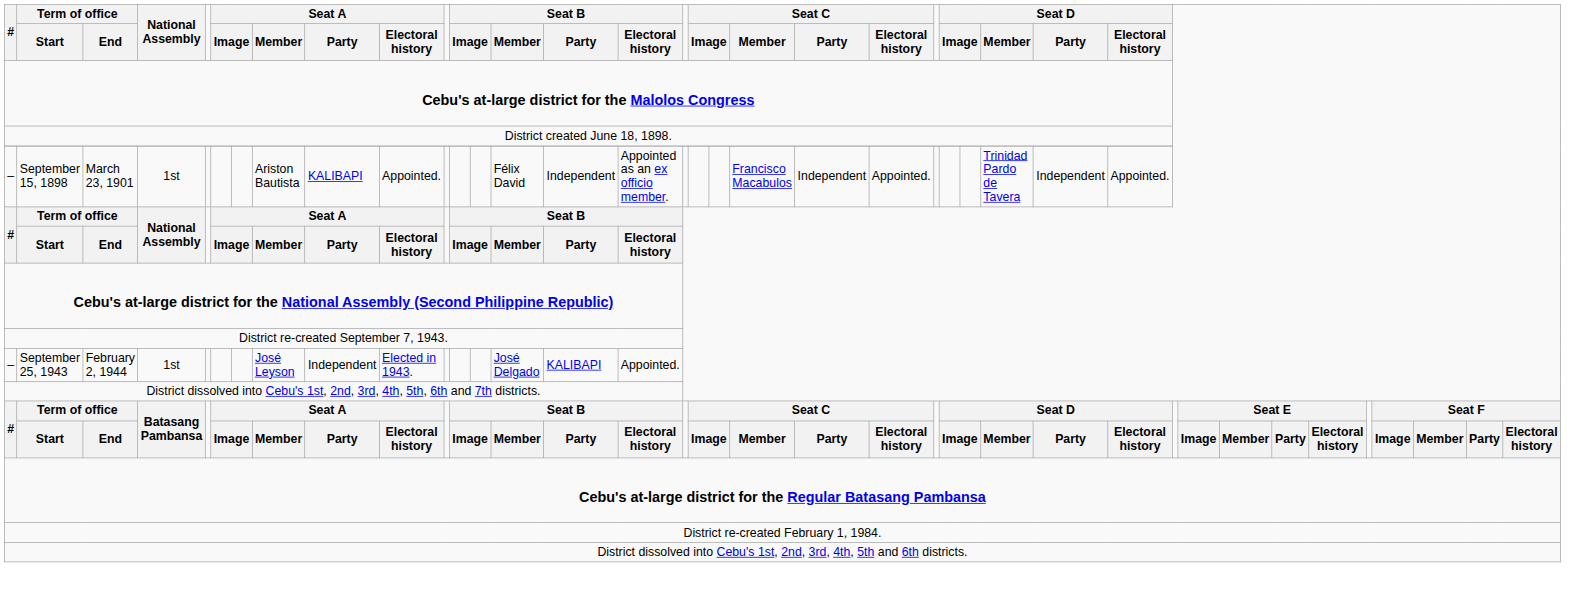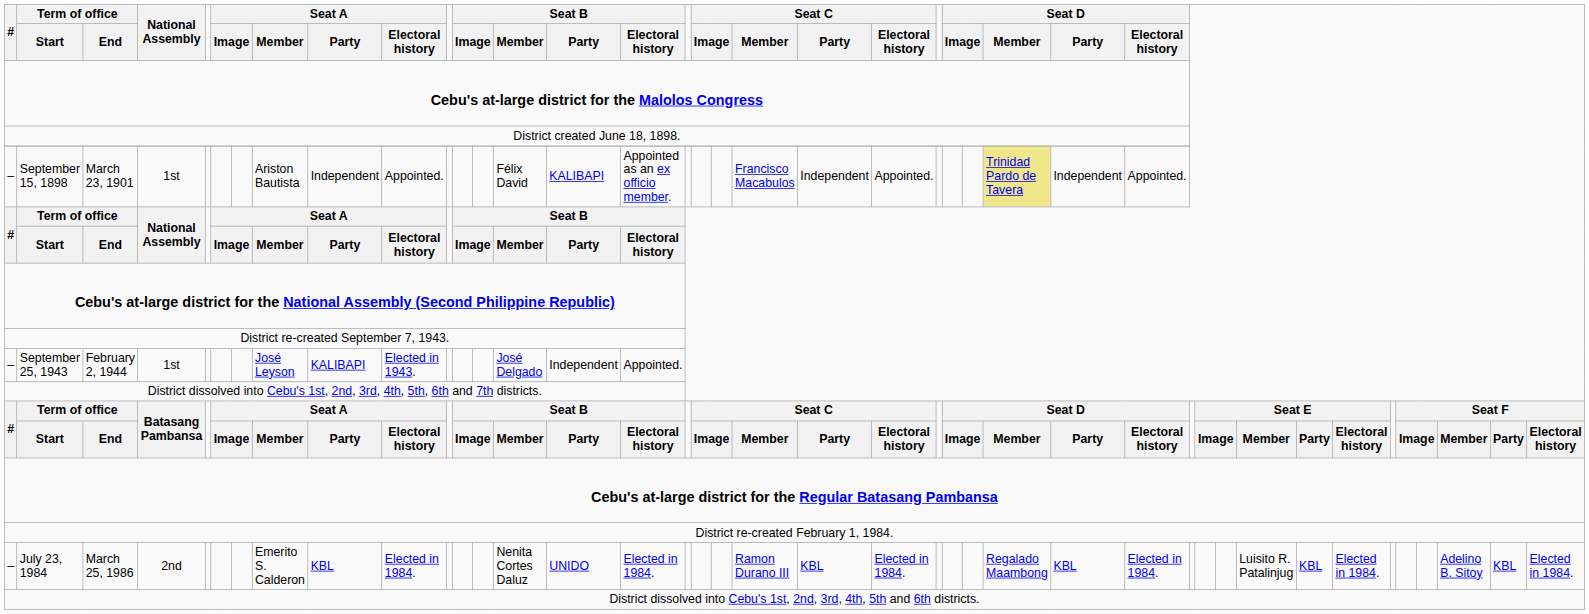 <table class=wikitable>
 <tr>
 <th rowspan=2>#</th>
 <th colspan=2>Term of office</th>
 <th rowspan=2>National<br>Assembly</th>
 <td rowspan=2></td>
 <th colspan=5>Seat A</th>
 <td rowspan=2></td>
 <th colspan=5>Seat B</th>
 <td rowspan=2></td>
 <th colspan=5>Seat C</th>
 <td rowspan=2></td>
 <th colspan=5>Seat D</th>
 </tr>
 <tr style="height:3em">
 <th>Start</th>
 <th>End</th>
 <th colspan="2" style="text-align:center;">Image</th>
 <th>Member</th>
 <th>Party</th>
 <th>Electoral history</th>
 <th colspan="2" style="text-align:center;">Image</th>
 <th>Member</th>
 <th>Party</th>
 <th>Electoral history</th>
 <th colspan="2" style="text-align:center;">Image</th>
 <th>Member</th>
 <th>Party</th>
 <th>Electoral history</th>
 <th colspan="2" style="text-align:center;">Image</th>
 <th>Member</th>
 <th>Party</th>
 <th>Electoral history</th>
 </tr>
 <tr>
 <td colspan="28" style="text-align:center;"><br><h3>Cebu's at-large district for the <a href='#'>Malolos Congress</a></h3></td>
 </tr>
 <tr>
 <td colspan="28" style="text-align:center;">District created June 18, 1898.</td>
 </tr>
 <tr>
 </tr>
 <tr style="height:3em">
 <td style="text-align:center;">–</td>
 <td>September 15, 1898</td>
 <td>March 23, 1901</td>
 <td style="text-align:center;">1st</td>
 <td></td>
 <td style="color:inherit;background:"></td>
 <td></td>
 <td>Ariston Bautista</td>
-<td><a href='#'>KALIBAPI</a></td>
+<td>Independent</td>
 <td>Appointed.</td>
 <td></td>
 <td style="color:inherit;background:"></td>
 <td></td>
 <td>Félix David</td>
-<td>Independent</td>
+<td><a href='#'>KALIBAPI</a></td>
 <td>Appointed as an <a href='#'>ex officio member</a>.</td>
 <td></td>
 <td style="color:inherit;background:"></td>
 <td></td>
 <td><a href='#'>Francisco Macabulos</a></td>
 <td>Independent</td>
 <td>Appointed.</td>
 <td></td>
 <td style="color:inherit;background:"></td>
 <td></td>
-<td><a href='#'>Trinidad Pardo de Tavera</a></td>
+<td style="background: khaki;"><a href='#'>Trinidad Pardo de Tavera</a></td>
 <td>Independent</td>
 <td>Appointed.</td>
 </tr>
 <tr>
 <th rowspan=2>#</th>
 <th colspan=2>Term of office</th>
 <th rowspan=2>National<br>Assembly</th>
 <td rowspan=2></td>
 <th colspan=5>Seat A</th>
 <td rowspan=2></td>
 <th colspan=5>Seat B</th>
 </tr>
 <tr style="height:3em">
 <th>Start</th>
 <th>End</th>
 <th colspan="2" style="text-align:center;">Image</th>
 <th>Member</th>
 <th>Party</th>
 <th>Electoral history</th>
 <th colspan="2" style="text-align:center;">Image</th>
 <th>Member</th>
 <th>Party</th>
 <th>Electoral history</th>
 </tr>
 <tr>
 <td colspan="16" style="text-align:center;"><br><h3>Cebu's at-large district for the <a href='#'>National Assembly (Second Philippine Republic)</a></h3></td>
 </tr>
 <tr>
 <td colspan="16" style="text-align:center;">District re-created September 7, 1943.</td>
 </tr>
 <tr>
 <td style="text-align:center;">–</td>
 <td>September 25, 1943</td>
 <td>February 2, 1944</td>
 <td style="text-align:center;">1st</td>
 <td></td>
 <td style="color:inherit;background:"></td>
 <td></td>
 <td><a href='#'>José Leyson</a></td>
-<td>Independent</td>
+<td><a href='#'>KALIBAPI</a></td>
 <td><a href='#'>Elected in 1943</a>.</td>
 <td></td>
 <td style="color:inherit;background:"></td>
 <td></td>
 <td><a href='#'>José Delgado</a></td>
-<td><a href='#'>KALIBAPI</a></td>
+<td>Independent</td>
 <td>Appointed.</td>
 </tr>
 <tr>
 <td colspan="16" style="text-align:center;">District dissolved into <a href='#'>Cebu's 1st</a>, <a href='#'>2nd</a>, <a href='#'>3rd</a>, <a href='#'>4th</a>, <a href='#'>5th</a>, <a href='#'>6th</a> and <a href='#'>7th</a> districts.</td>
 </tr>
 <tr>
 <th rowspan=2>#</th>
 <th colspan=2>Term of office</th>
 <th rowspan=2>Batasang<br>Pambansa</th>
 <td rowspan=2></td>
 <th colspan=5>Seat A</th>
 <td rowspan=2></td>
 <th colspan=5>Seat B</th>
 <td rowspan=2></td>
 <th colspan=5>Seat C</th>
 <td rowspan=2></td>
 <th colspan=5>Seat D</th>
 <td rowspan=2></td>
 <th colspan=5>Seat E</th>
 <td rowspan=2></td>
 <th colspan=5>Seat F</th>
 </tr>
 <tr style="height:3em">
 <th>Start</th>
 <th>End</th>
 <th colspan="2" style="text-align:center;">Image</th>
 <th>Member</th>
 <th>Party</th>
 <th>Electoral history</th>
 <th colspan="2" style="text-align:center;">Image</th>
 <th>Member</th>
 <th>Party</th>
 <th>Electoral history</th>
 <th colspan="2" style="text-align:center;">Image</th>
 <th>Member</th>
 <th>Party</th>
 <th>Electoral history</th>
 <th colspan="2" style="text-align:center;">Image</th>
 <th>Member</th>
 <th>Party</th>
 <th>Electoral history</th>
 <th colspan="2" style="text-align:center;">Image</th>
 <th>Member</th>
 <th>Party</th>
 <th>Electoral history</th>
 <th colspan="2" style="text-align:center;">Image</th>
 <th>Member</th>
 <th>Party</th>
 <th>Electoral history</th>
 </tr>
 <tr>
 <td colspan="40" style="text-align:center;"><br><h3>Cebu's at-large district for the <a href='#'>Regular Batasang Pambansa</a></h3></td>
 </tr>
 <tr>
 <td colspan="40" style="text-align:center;">District re-created February 1, 1984.</td>
 </tr>
+<tr style="height:3em">
+<td style="text-align:center;">–</td>
+<td>July 23, 1984</td>
+<td>March 25, 1986</td>
+<td style="text-align:center;">2nd</td>
+<td></td>
+<td style="color:inherit;background:"></td>
+<td></td>
+<td>Emerito S. Calderon</td>
+<td><a href='#'>KBL</a></td>
+<td><a href='#'>Elected in 1984</a>.</td>
+<td></td>
+<td style="color:inherit;background:"></td>
+<td></td>
+<td>Nenita Cortes Daluz</td>
+<td><a href='#'>UNIDO</a></td>
+<td><a href='#'>Elected in 1984</a>.</td>
+<td></td>
+<td style="color:inherit;background:"></td>
+<td></td>
+<td><a href='#'>Ramon Durano III</a></td>
+<td><a href='#'>KBL</a></td>
+<td><a href='#'>Elected in 1984</a>.</td>
+<td></td>
+<td style="color:inherit;background:"></td>
+<td></td>
+<td><a href='#'>Regalado Maambong</a></td>
+<td><a href='#'>KBL</a></td>
+<td><a href='#'>Elected in 1984</a>.</td>
+<td></td>
+<td style="color:inherit;background:"></td>
+<td></td>
+<td>Luisito R. Patalinjug</td>
+<td><a href='#'>KBL</a></td>
+<td><a href='#'>Elected in 1984</a>.</td>
+<td></td>
+<td style="color:inherit;background:"></td>
+<td></td>
+<td><a href='#'>Adelino B. Sitoy</a></td>
+<td><a href='#'>KBL</a></td>
+<td><a href='#'>Elected in 1984</a>.</td>
+</tr>
 <tr>
 <td colspan="40" style="text-align:center;">District dissolved into <a href='#'>Cebu's 1st</a>, <a href='#'>2nd</a>, <a href='#'>3rd</a>, <a href='#'>4th</a>, <a href='#'>5th</a> and <a href='#'>6th</a> districts.</td>
 </tr>
 </table>
